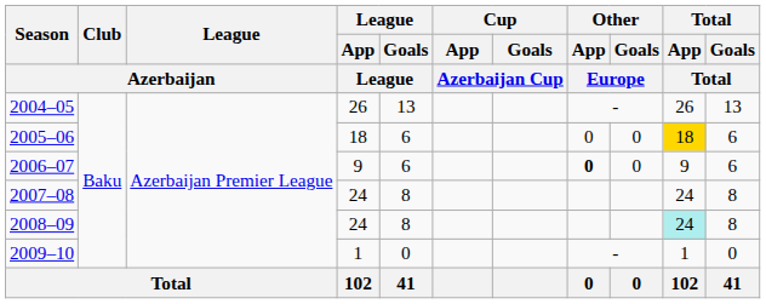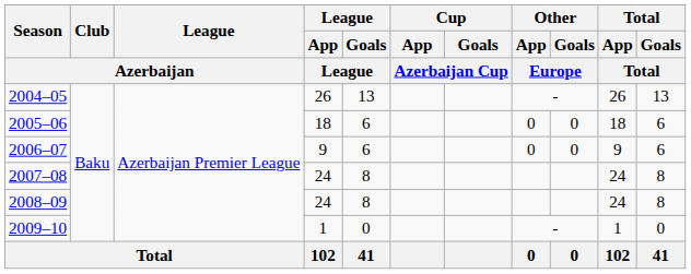 <table class="wikitable">
 <tr>
 <th rowspan=2>Season</th>
 <th ! rowspan=2>Club</th>
 <th ! rowspan=2>League</th>
 <th ! colspan=2>League</th>
 <th ! colspan=2>Cup</th>
 <th ! colspan=2>Other</th>
 <th colspan=3>Total</th>
 </tr>
 <tr>
 <th>App</th>
 <th>Goals</th>
 <th>App</th>
 <th>Goals</th>
 <th>App</th>
 <th>Goals</th>
 <th>App</th>
 <th>Goals</th>
 </tr>
 <tr>
 <th colspan=3>Azerbaijan</th>
 <th ! colspan=2>League</th>
 <th ! colspan=2><a href='#'>Azerbaijan Cup</a></th>
 <th ! colspan=2><a href='#'>Europe</a></th>
 <th colspan=3>Total</th>
 </tr>
 <tr align=center>
 <td><a href='#'>2004–05</a></td>
 <td rowspan="6"><a href='#'>Baku</a></td>
 <td rowspan="6"><a href='#'>Azerbaijan Premier League</a></td>
 <td>26</td>
 <td>13</td>
 <td></td>
 <td></td>
 <td colspan="2">-</td>
 <td>26</td>
 <td>13</td>
 </tr>
 <tr align=center>
 <td><a href='#'>2005–06</a></td>
 <td>18</td>
 <td>6</td>
 <td></td>
 <td></td>
 <td>0</td>
 <td>0</td>
-<td style="background: gold;">18</td>
+<td>18</td>
 <td>6</td>
 </tr>
 <tr align=center>
 <td><a href='#'>2006–07</a></td>
 <td>9</td>
 <td>6</td>
 <td></td>
 <td></td>
-<td><strong>0</strong></td>
+<td>0</td>
 <td>0</td>
 <td>9</td>
 <td>6</td>
 </tr>
 <tr align=center>
 <td><a href='#'>2007–08</a></td>
 <td>24</td>
 <td>8</td>
 <td></td>
 <td></td>
 <td></td>
 <td></td>
 <td>24</td>
 <td>8</td>
 </tr>
 <tr align=center>
 <td><a href='#'>2008–09</a></td>
 <td>24</td>
 <td>8</td>
 <td></td>
 <td></td>
 <td></td>
 <td></td>
-<td style="background: paleturquoise;">24</td>
+<td>24</td>
 <td>8</td>
 </tr>
 <tr align=center>
 <td><a href='#'>2009–10</a></td>
 <td>1</td>
 <td>0</td>
 <td></td>
 <td></td>
 <td colspan="2">-</td>
 <td>1</td>
 <td>0</td>
 </tr>
 <tr align=center>
 <th colspan="3">Total</th>
 <th>102</th>
 <th>41</th>
 <th></th>
 <th></th>
 <th>0</th>
 <th>0</th>
 <th>102</th>
 <th>41</th>
 </tr>
 </table>
